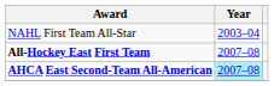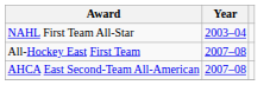 <table class="wikitable">
 <tr>
 <th>Award</th>
 <th>Year</th>
 <th></th>
 </tr>
 <tr>
 <td><a href='#'>NAHL</a> First Team All-Star</td>
 <td><a href='#'>2003–04</a></td>
 <td></td>
 </tr>
 <tr>
-<td><strong>All-<a href='#'>Hockey East</a> <a href='#'>First Team</a></strong></td>
+<td>All-<a href='#'>Hockey East</a> <a href='#'>First Team</a></td>
 <td><a href='#'>2007–08</a></td>
 <td></td>
 </tr>
 <tr>
-<td><strong><a href='#'>AHCA</a> <a href='#'>East Second-Team All-American</a></strong></td>
-<td style="background: paleturquoise;"><a href='#'>2007–08</a></td>
+<td><a href='#'>AHCA</a> <a href='#'>East Second-Team All-American</a></td>
+<td><a href='#'>2007–08</a></td>
 <td></td>
 </tr>
 <tr>
 </tr>
 </table>
